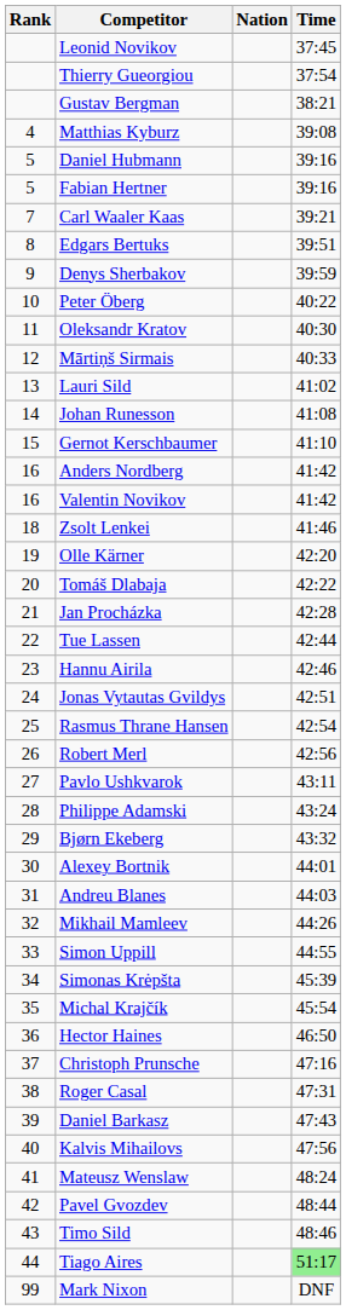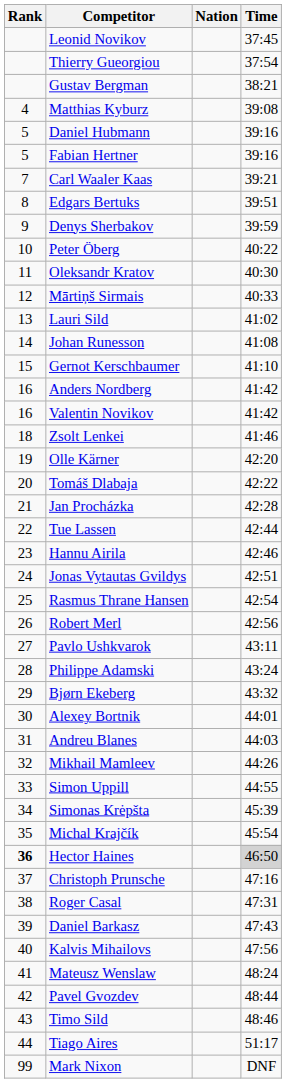 <table class="wikitable sortable" style="text-align:left">
 <tr>
 <th data-sort-type="number">Rank</th>
 <th class="unsortable">Competitor</th>
 <th>Nation</th>
 <th>Time</th>
 </tr>
 <tr>
 <td style="text-align:center"></td>
 <td><a href='#'>Leonid Novikov</a></td>
 <td></td>
 <td style="text-align:right">37:45</td>
 </tr>
 <tr>
 <td style="text-align:center"></td>
 <td><a href='#'>Thierry Gueorgiou</a></td>
 <td></td>
 <td style="text-align:right">37:54</td>
 </tr>
 <tr>
 <td style="text-align:center"></td>
 <td><a href='#'>Gustav Bergman</a></td>
 <td></td>
 <td style="text-align:right">38:21</td>
 </tr>
 <tr>
 <td style="text-align:center">4</td>
 <td><a href='#'>Matthias Kyburz</a></td>
 <td></td>
 <td style="text-align:right">39:08</td>
 </tr>
 <tr>
 <td style="text-align:center">5</td>
 <td><a href='#'>Daniel Hubmann</a></td>
 <td></td>
 <td style="text-align:right">39:16</td>
 </tr>
 <tr>
 <td style="text-align:center">5</td>
 <td><a href='#'>Fabian Hertner</a></td>
 <td></td>
 <td style="text-align:right">39:16</td>
 </tr>
 <tr>
 <td style="text-align:center">7</td>
 <td><a href='#'>Carl Waaler Kaas</a></td>
 <td></td>
 <td style="text-align:right">39:21</td>
 </tr>
 <tr>
 <td style="text-align:center">8</td>
 <td><a href='#'>Edgars Bertuks</a></td>
 <td></td>
 <td style="text-align:right">39:51</td>
 </tr>
 <tr>
 <td style="text-align:center">9</td>
 <td><a href='#'>Denys Sherbakov</a></td>
 <td></td>
 <td style="text-align:right">39:59</td>
 </tr>
 <tr>
 <td style="text-align:center">10</td>
 <td><a href='#'>Peter Öberg</a></td>
 <td></td>
 <td style="text-align:right">40:22</td>
 </tr>
 <tr>
 <td style="text-align:center">11</td>
 <td><a href='#'>Oleksandr Kratov</a></td>
 <td></td>
 <td style="text-align:right">40:30</td>
 </tr>
 <tr>
 <td style="text-align:center">12</td>
 <td><a href='#'>Mārtiņš Sirmais</a></td>
 <td></td>
 <td style="text-align:right">40:33</td>
 </tr>
 <tr>
 <td style="text-align:center">13</td>
 <td><a href='#'>Lauri Sild</a></td>
 <td></td>
 <td style="text-align:right">41:02</td>
 </tr>
 <tr>
 <td style="text-align:center">14</td>
 <td><a href='#'>Johan Runesson</a></td>
 <td></td>
 <td style="text-align:right">41:08</td>
 </tr>
 <tr>
 <td style="text-align:center">15</td>
 <td><a href='#'>Gernot Kerschbaumer</a></td>
 <td></td>
 <td style="text-align:right">41:10</td>
 </tr>
 <tr>
 <td style="text-align:center">16</td>
 <td><a href='#'>Anders Nordberg</a></td>
 <td></td>
 <td style="text-align:right">41:42</td>
 </tr>
 <tr>
 <td style="text-align:center">16</td>
 <td><a href='#'>Valentin Novikov</a></td>
 <td></td>
 <td style="text-align:right">41:42</td>
 </tr>
 <tr>
 <td style="text-align:center">18</td>
 <td><a href='#'>Zsolt Lenkei</a></td>
 <td></td>
 <td style="text-align:right">41:46</td>
 </tr>
 <tr>
 <td style="text-align:center">19</td>
 <td><a href='#'>Olle Kärner</a></td>
 <td></td>
 <td style="text-align:right">42:20</td>
 </tr>
 <tr>
 <td style="text-align:center">20</td>
 <td><a href='#'>Tomáš Dlabaja</a></td>
 <td></td>
 <td style="text-align:right">42:22</td>
 </tr>
 <tr>
 <td style="text-align:center">21</td>
 <td><a href='#'>Jan Procházka</a></td>
 <td></td>
 <td style="text-align:right">42:28</td>
 </tr>
 <tr>
 <td style="text-align:center">22</td>
 <td><a href='#'>Tue Lassen</a></td>
 <td></td>
 <td style="text-align:right">42:44</td>
 </tr>
 <tr>
 <td style="text-align:center">23</td>
 <td><a href='#'>Hannu Airila</a></td>
 <td></td>
 <td style="text-align:right">42:46</td>
 </tr>
 <tr>
 <td style="text-align:center">24</td>
 <td><a href='#'>Jonas Vytautas Gvildys</a></td>
 <td></td>
 <td style="text-align:right">42:51</td>
 </tr>
 <tr>
 <td style="text-align:center">25</td>
 <td><a href='#'>Rasmus Thrane Hansen</a></td>
 <td></td>
 <td style="text-align:right">42:54</td>
 </tr>
 <tr>
 <td style="text-align:center">26</td>
 <td><a href='#'>Robert Merl</a></td>
 <td></td>
 <td style="text-align:right">42:56</td>
 </tr>
 <tr>
 <td style="text-align:center">27</td>
 <td><a href='#'>Pavlo Ushkvarok</a></td>
 <td></td>
 <td style="text-align:right">43:11</td>
 </tr>
 <tr>
 <td style="text-align:center">28</td>
 <td><a href='#'>Philippe Adamski</a></td>
 <td></td>
 <td style="text-align:right">43:24</td>
 </tr>
 <tr>
 <td style="text-align:center">29</td>
 <td><a href='#'>Bjørn Ekeberg</a></td>
 <td></td>
 <td style="text-align:right">43:32</td>
 </tr>
 <tr>
 <td style="text-align:center">30</td>
 <td><a href='#'>Alexey Bortnik</a></td>
 <td></td>
 <td style="text-align:right">44:01</td>
 </tr>
 <tr>
 <td style="text-align:center">31</td>
 <td><a href='#'>Andreu Blanes</a></td>
 <td></td>
 <td style="text-align:right">44:03</td>
 </tr>
 <tr>
 <td style="text-align:center">32</td>
 <td><a href='#'>Mikhail Mamleev</a></td>
 <td></td>
 <td style="text-align:right">44:26</td>
 </tr>
 <tr>
 <td style="text-align:center">33</td>
 <td><a href='#'>Simon Uppill</a></td>
 <td></td>
 <td style="text-align:right">44:55</td>
 </tr>
 <tr>
 <td style="text-align:center">34</td>
 <td><a href='#'>Simonas Krėpšta</a></td>
 <td></td>
 <td style="text-align:right">45:39</td>
 </tr>
 <tr>
 <td style="text-align:center">35</td>
 <td><a href='#'>Michal Krajčík</a></td>
 <td></td>
 <td style="text-align:right">45:54</td>
 </tr>
 <tr>
-<td style="text-align:center">36</td>
+<td style="text-align:center"><strong>36</strong></td>
 <td><a href='#'>Hector Haines</a></td>
 <td></td>
-<td style="text-align:right">46:50</td>
+<td style="background: lightgrey; text-align:right">46:50</td>
 </tr>
 <tr>
 <td style="text-align:center">37</td>
 <td><a href='#'>Christoph Prunsche</a></td>
 <td></td>
 <td style="text-align:right">47:16</td>
 </tr>
 <tr>
 <td style="text-align:center">38</td>
 <td><a href='#'>Roger Casal</a></td>
 <td></td>
 <td style="text-align:right">47:31</td>
 </tr>
 <tr>
 <td style="text-align:center">39</td>
 <td><a href='#'>Daniel Barkasz</a></td>
 <td></td>
 <td style="text-align:right">47:43</td>
 </tr>
 <tr>
 <td style="text-align:center">40</td>
 <td><a href='#'>Kalvis Mihailovs</a></td>
 <td></td>
 <td style="text-align:right">47:56</td>
 </tr>
 <tr>
 <td style="text-align:center">41</td>
 <td><a href='#'>Mateusz Wenslaw</a></td>
 <td></td>
 <td style="text-align:right">48:24</td>
 </tr>
 <tr>
 <td style="text-align:center">42</td>
 <td><a href='#'>Pavel Gvozdev</a></td>
 <td></td>
 <td style="text-align:right">48:44</td>
 </tr>
 <tr>
 <td style="text-align:center">43</td>
 <td><a href='#'>Timo Sild</a></td>
 <td></td>
 <td style="text-align:right">48:46</td>
 </tr>
 <tr>
 <td style="text-align:center">44</td>
 <td><a href='#'>Tiago Aires</a></td>
 <td></td>
-<td style="background: lightgreen; text-align:right">51:17</td>
+<td style="text-align:right">51:17</td>
 </tr>
 <tr>
 <td style="text-align:center"><span>99</span></td>
 <td><a href='#'>Mark Nixon</a></td>
 <td></td>
 <td style="text-align:center">DNF</td>
 </tr>
 </table>
